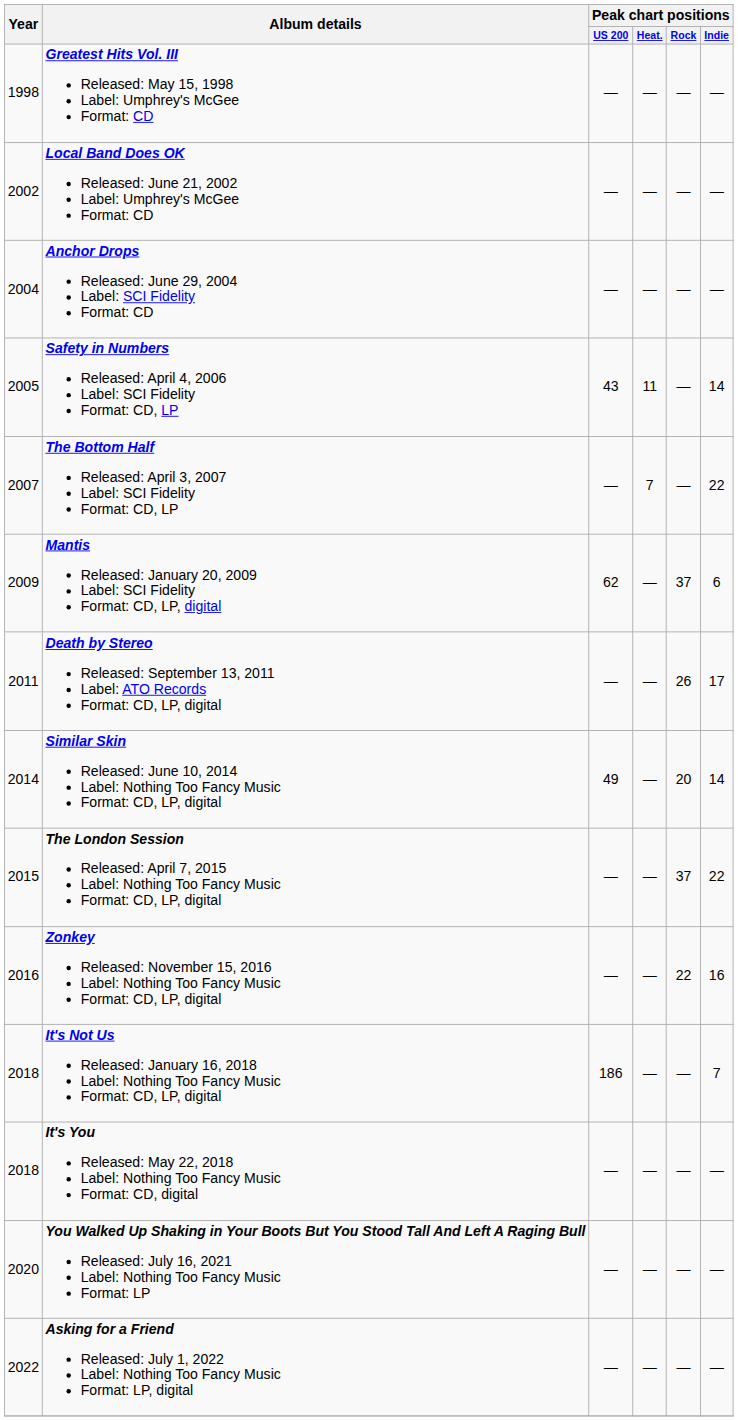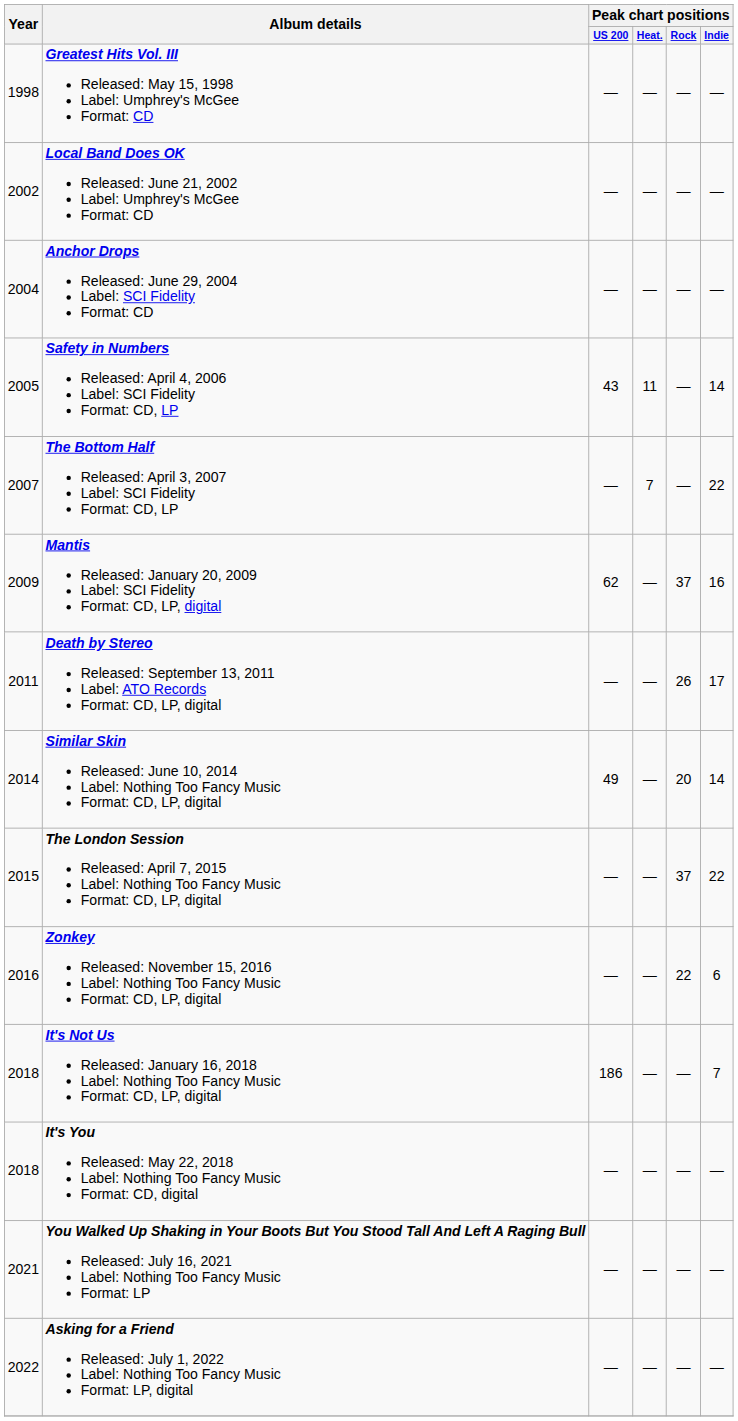 <table class="wikitable" style="text-align:center;" border="1">
 <tr>
 <th rowspan="2">Year</th>
 <th rowspan="2">Album details</th>
 <th colspan="4">Peak chart positions</th>
 </tr>
 <tr>
 <th style="font-size:75%"><a href='#'>US 200</a></th>
 <th style="font-size:75%"><a href='#'>Heat.</a></th>
 <th style="font-size:75%"><a href='#'>Rock</a></th>
 <th style="font-size:75%"><a href='#'>Indie</a></th>
 </tr>
 <tr>
 <td>1998</td>
 <td style="text-align:left;"><strong><em><a href='#'>Greatest Hits Vol. III</a></em></strong><br><ul><li>Released: May 15, 1998</li><li>Label: Umphrey's McGee</li><li>Format: <a href='#'>CD</a></li></ul></td>
 <td>—</td>
 <td>—</td>
 <td>—</td>
 <td>—</td>
 </tr>
 <tr>
 <td>2002</td>
 <td style="text-align:left;"><strong><em><a href='#'>Local Band Does OK</a></em></strong><br><ul><li>Released: June 21, 2002</li><li>Label: Umphrey's McGee</li><li>Format: CD</li></ul></td>
 <td>—</td>
 <td>—</td>
 <td>—</td>
 <td>—</td>
 </tr>
 <tr>
 <td>2004</td>
 <td style="text-align:left;"><strong><em><a href='#'>Anchor Drops</a></em></strong><br><ul><li>Released: June 29, 2004</li><li>Label: <a href='#'>SCI Fidelity</a></li><li>Format: CD</li></ul></td>
 <td>—</td>
 <td>—</td>
 <td>—</td>
 <td>—</td>
 </tr>
 <tr>
 <td>2005</td>
 <td style="text-align:left;"><strong><em><a href='#'>Safety in Numbers</a></em></strong><br><ul><li>Released: April 4, 2006</li><li>Label: SCI Fidelity</li><li>Format: CD, <a href='#'>LP</a></li></ul></td>
 <td>43</td>
 <td>11</td>
 <td>—</td>
 <td>14</td>
 </tr>
 <tr>
 <td>2007</td>
 <td style="text-align:left;"><strong><em><a href='#'>The Bottom Half</a></em></strong><br><ul><li>Released: April 3, 2007</li><li>Label: SCI Fidelity</li><li>Format: CD, LP</li></ul></td>
 <td>—</td>
 <td>7</td>
 <td>—</td>
 <td>22</td>
 </tr>
 <tr>
 <td>2009</td>
 <td style="text-align:left;"><strong><em><a href='#'>Mantis</a></em></strong><br><ul><li>Released: January 20, 2009</li><li>Label: SCI Fidelity</li><li>Format: CD, LP, <a href='#'>digital</a></li></ul></td>
 <td>62</td>
 <td>—</td>
 <td>37</td>
-<td>6</td>
+<td>16</td>
 </tr>
 <tr>
 <td>2011</td>
 <td style="text-align:left;"><strong><em><a href='#'>Death by Stereo</a></em></strong><br><ul><li>Released: September 13, 2011</li><li>Label: <a href='#'>ATO Records</a></li><li>Format: CD, LP, digital</li></ul></td>
 <td>—</td>
 <td>—</td>
 <td>26</td>
 <td>17</td>
 </tr>
 <tr>
 <td>2014</td>
 <td style="text-align:left;"><strong><em><a href='#'>Similar Skin</a></em></strong><br><ul><li>Released: June 10, 2014</li><li>Label: Nothing Too Fancy Music</li><li>Format: CD, LP, digital</li></ul></td>
 <td>49</td>
 <td>—</td>
 <td>20</td>
 <td>14</td>
 </tr>
 <tr>
 <td>2015</td>
 <td style="text-align:left;"><strong><em>The London Session</em></strong><br><ul><li>Released: April 7, 2015</li><li>Label: Nothing Too Fancy Music</li><li>Format: CD, LP, digital</li></ul></td>
 <td>—</td>
 <td>—</td>
 <td>37</td>
 <td>22</td>
 </tr>
 <tr>
 <td>2016</td>
 <td style="text-align:left;"><strong><em><a href='#'>Zonkey</a></em></strong><br><ul><li>Released: November 15, 2016</li><li>Label: Nothing Too Fancy Music</li><li>Format: CD, LP, digital</li></ul></td>
 <td>—</td>
 <td>—</td>
 <td>22</td>
-<td>16</td>
+<td>6</td>
 </tr>
 <tr>
 <td>2018</td>
 <td style="text-align:left;"><strong><em><a href='#'>It's Not Us</a></em></strong><br><ul><li>Released: January 16, 2018</li><li>Label: Nothing Too Fancy Music</li><li>Format: CD, LP, digital</li></ul></td>
 <td>186</td>
 <td>—</td>
 <td>—</td>
 <td>7</td>
 </tr>
 <tr>
 <td>2018</td>
 <td style="text-align:left;"><strong><em>It's You</em></strong><br><ul><li>Released: May 22, 2018</li><li>Label: Nothing Too Fancy Music</li><li>Format: CD, digital</li></ul></td>
 <td>—</td>
 <td>—</td>
 <td>—</td>
 <td>—</td>
 </tr>
 <tr>
-<td>2020</td>
+<td>2021</td>
 <td style="text-align:left;"><strong><em>You Walked Up Shaking in Your Boots But You Stood Tall And Left A Raging Bull</em></strong><br><ul><li>Released: July 16, 2021</li><li>Label: Nothing Too Fancy Music</li><li>Format: LP</li></ul></td>
 <td>—</td>
 <td>—</td>
 <td>—</td>
 <td>—</td>
 </tr>
 <tr>
 <td>2022</td>
 <td style="text-align:left;"><strong><em>Asking for a Friend</em></strong><br><ul><li>Released: July 1, 2022</li><li>Label: Nothing Too Fancy Music</li><li>Format: LP, digital</li></ul></td>
 <td>—</td>
 <td>—</td>
 <td>—</td>
 <td>—</td>
 </tr>
 <tr>
 </tr>
 </table>
